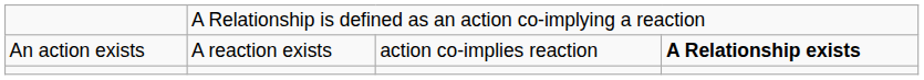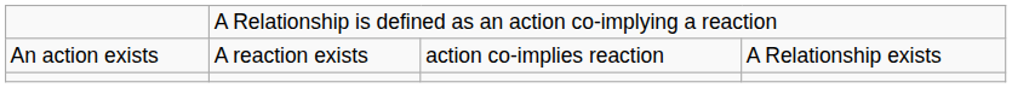 <table class="wikitable" style="width: 60%">
 <tr>
 <td></td>
 <td colspan=3>A Relationship is defined as an action co-implying a reaction</td>
 </tr>
 <tr>
 <td>An action exists</td>
 <td>A reaction exists</td>
 <td>action co-implies reaction</td>
-<td><strong>A Relationship exists</strong></td>
+<td>A Relationship exists</td>
 </tr>
 <tr>
 <td><div></div></td>
 <td><div></div></td>
 <td><div></div></td>
 <td><div></div></td>
 </tr>
 </table>
